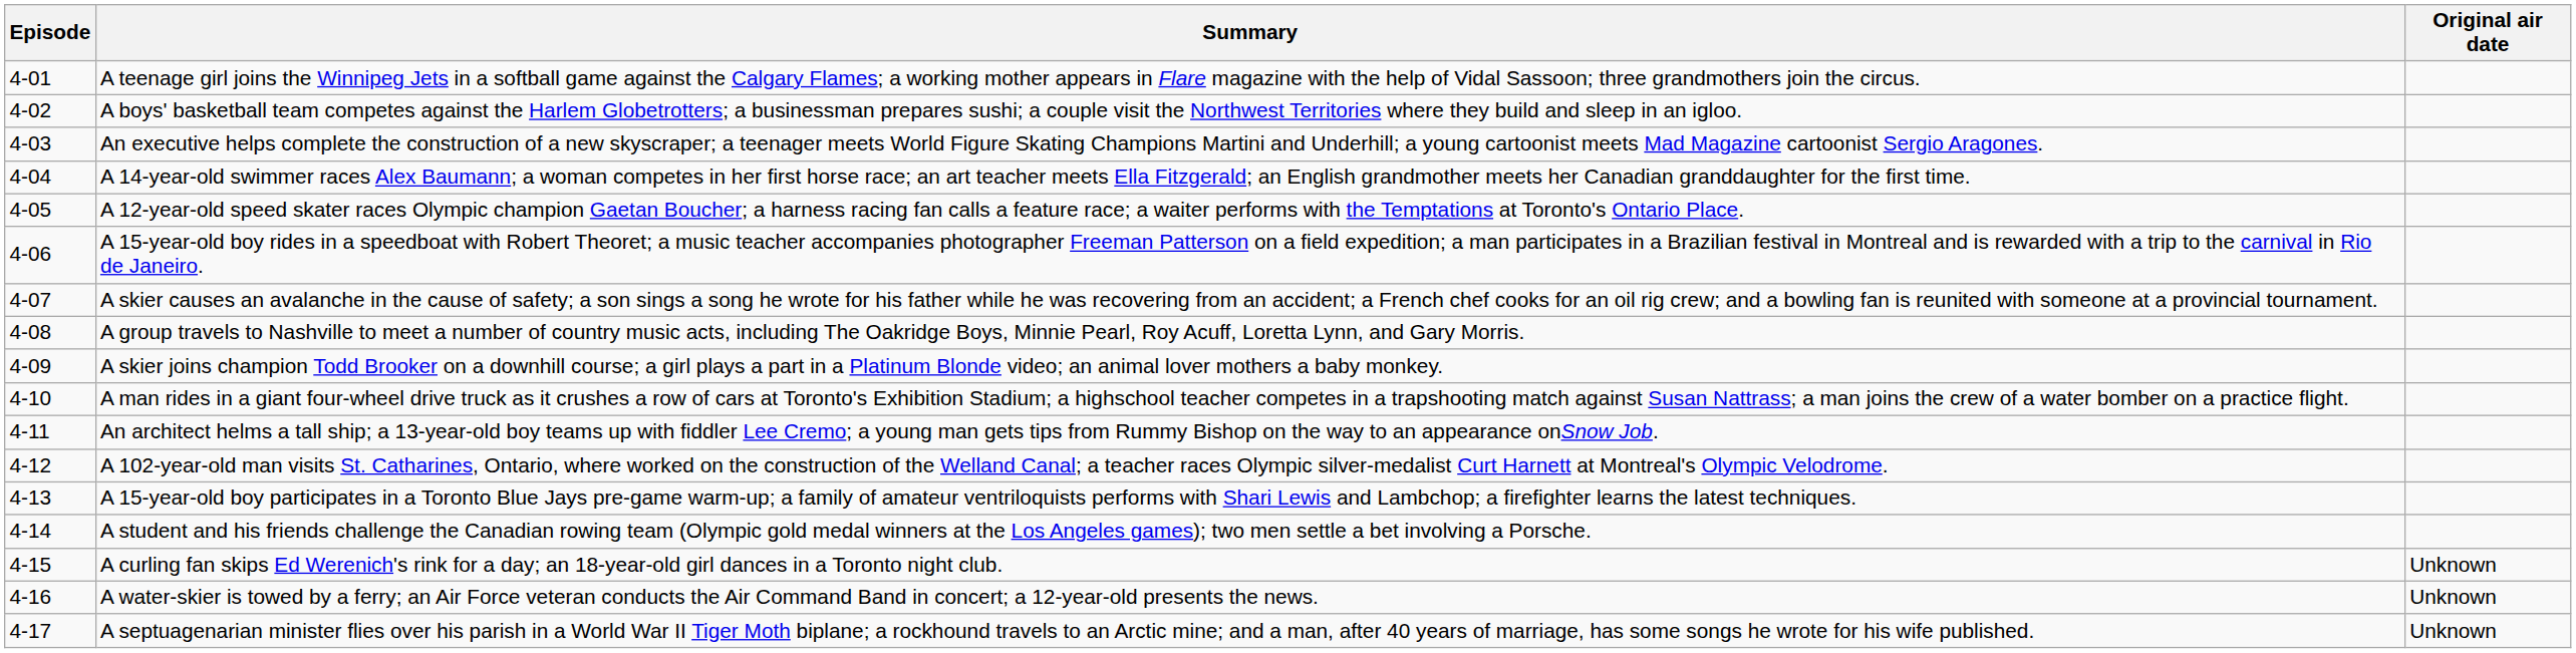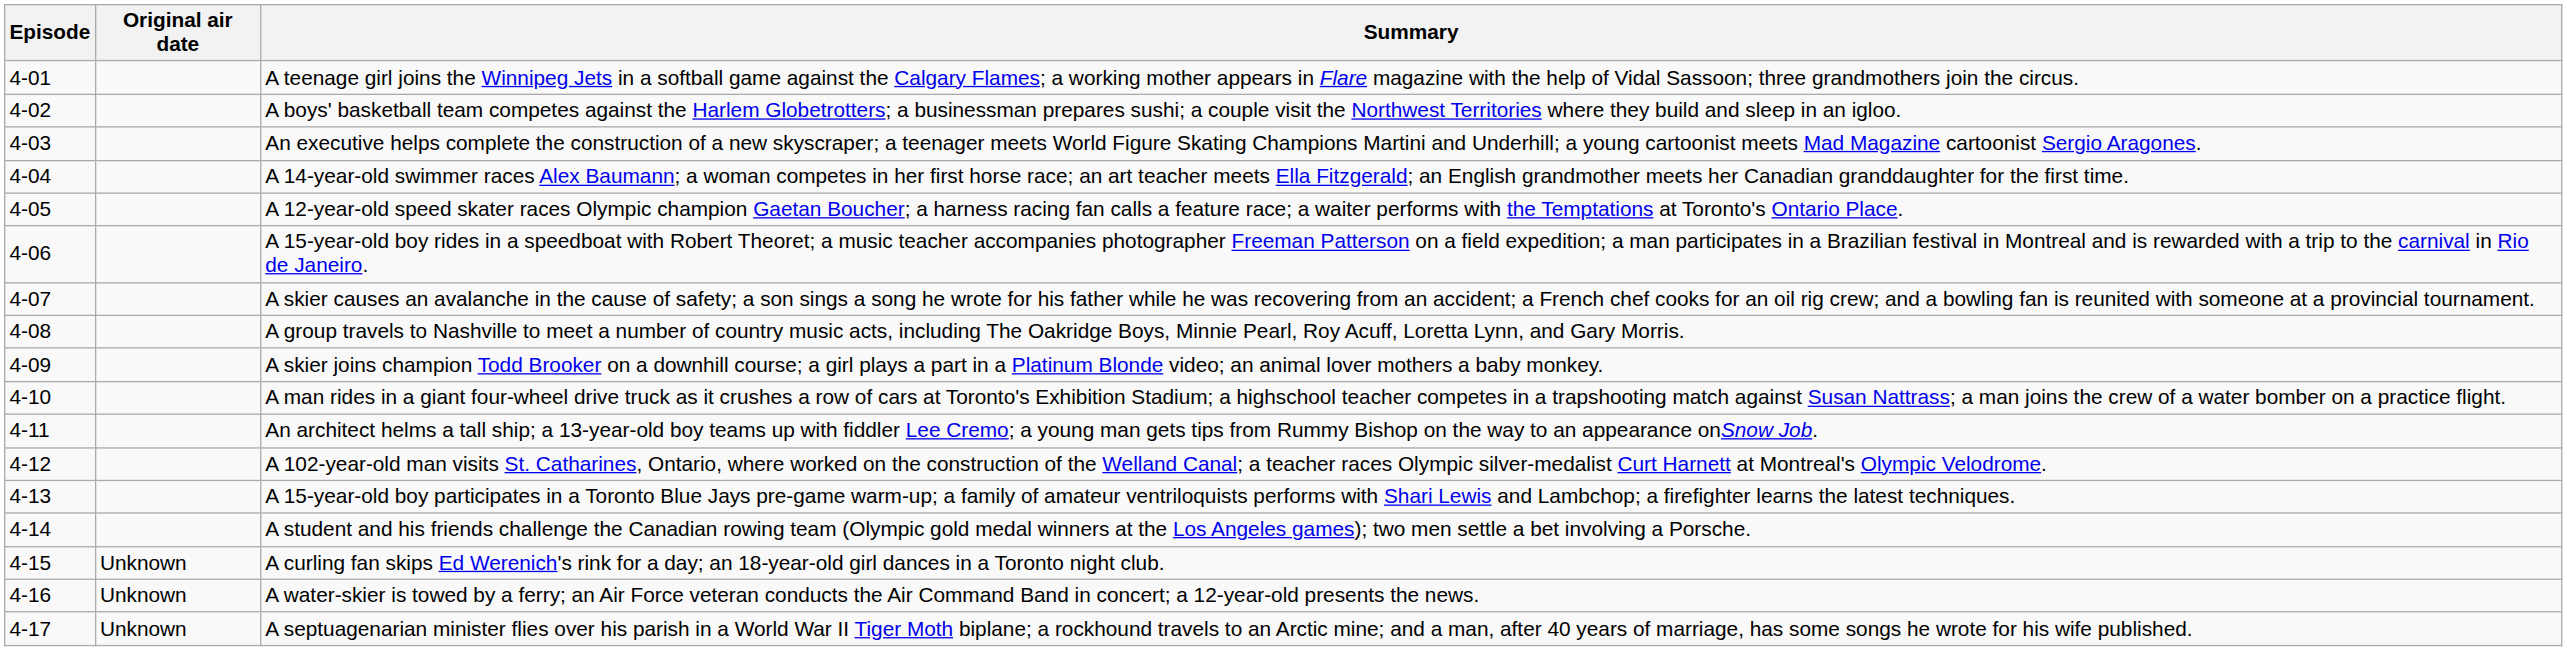 <table " class="wikitable" sortable">
 <tr>
 <th scope="col">Episode</th>
+<th scope="col">Original air date</th>
 <th scope="col">Summary</th>
-<th scope="col">Original air date</th>
 </tr>
 <tr>
 <td>4-01</td>
+<td style=white-space:nowrap></td>
 <td>A teenage girl joins the <a href='#'>Winnipeg Jets</a> in a softball game against the <a href='#'>Calgary Flames</a>; a working mother appears in <em><a href='#'>Flare</a></em> magazine with the help of Vidal Sassoon; three grandmothers join the circus.</td>
-<td style=white-space:nowrap></td>
 </tr>
 <tr>
 <td>4-02</td>
+<td style=white-space:nowrap></td>
 <td>A boys' basketball team competes against the <a href='#'>Harlem Globetrotters</a>; a businessman prepares sushi; a couple visit the <a href='#'>Northwest Territories</a> where they build and sleep in an igloo.</td>
-<td style=white-space:nowrap></td>
 </tr>
 <tr>
 <td>4-03</td>
+<td style=white-space:nowrap></td>
 <td>An executive helps complete the construction of a new skyscraper; a teenager meets World Figure Skating Champions Martini and Underhill; a young cartoonist meets <a href='#'>Mad Magazine</a> cartoonist <a href='#'>Sergio Aragones</a>.</td>
-<td style=white-space:nowrap></td>
 </tr>
 <tr>
 <td>4-04</td>
+<td style=white-space:nowrap></td>
 <td>A 14-year-old swimmer races <a href='#'>Alex Baumann</a>; a woman competes in her first horse race; an art teacher meets <a href='#'>Ella Fitzgerald</a>; an English grandmother meets her Canadian granddaughter for the first time.</td>
-<td style=white-space:nowrap></td>
 </tr>
 <tr>
 <td>4-05</td>
+<td style=white-space:nowrap></td>
 <td>A 12-year-old speed skater races Olympic champion <a href='#'>Gaetan Boucher</a>; a harness racing fan calls a feature race; a waiter performs with <a href='#'>the Temptations</a> at Toronto's <a href='#'>Ontario Place</a>.</td>
-<td style=white-space:nowrap></td>
 </tr>
 <tr>
 <td>4-06</td>
+<td style=white-space:nowrap></td>
 <td>A 15-year-old boy rides in a speedboat with Robert Theoret; a music teacher accompanies photographer <a href='#'>Freeman Patterson</a> on a field expedition; a man participates in a Brazilian festival in Montreal and is rewarded with a trip to the <a href='#'>carnival</a> in <a href='#'>Rio de Janeiro</a>.</td>
-<td style=white-space:nowrap></td>
 </tr>
 <tr>
 <td>4-07</td>
+<td style=white-space:nowrap></td>
 <td>A skier causes an avalanche in the cause of safety; a son sings a song he wrote for his father while he was recovering from an accident; a French chef cooks for an oil rig crew; and a bowling fan is reunited with someone at a provincial tournament.</td>
-<td style=white-space:nowrap></td>
 </tr>
 <tr>
 <td>4-08</td>
+<td style=white-space:nowrap></td>
 <td>A group travels to Nashville to meet a number of country music acts, including The Oakridge Boys, Minnie Pearl, Roy Acuff, Loretta Lynn, and Gary Morris.</td>
-<td style=white-space:nowrap></td>
 </tr>
 <tr>
 <td>4-09</td>
+<td style=white-space:nowrap></td>
 <td>A skier joins champion <a href='#'>Todd Brooker</a> on a downhill course; a girl plays a part in a <a href='#'>Platinum Blonde</a> video; an animal lover mothers a baby monkey.</td>
-<td style=white-space:nowrap></td>
 </tr>
 <tr>
 <td>4-10</td>
+<td style=white-space:nowrap></td>
 <td>A man rides in a giant four-wheel drive truck as it crushes a row of cars at Toronto's Exhibition Stadium; a highschool teacher competes in a trapshooting match against <a href='#'>Susan Nattrass</a>; a man joins the crew of a water bomber on a practice flight.</td>
-<td style=white-space:nowrap></td>
 </tr>
 <tr>
 <td>4-11</td>
+<td style=white-space:nowrap></td>
 <td>An architect helms a tall ship; a 13-year-old boy teams up with fiddler <a href='#'>Lee Cremo</a>; a young man gets tips from Rummy Bishop on the way to an appearance on<em><a href='#'>Snow Job</a></em>.</td>
-<td style=white-space:nowrap></td>
 </tr>
 <tr>
 <td>4-12</td>
+<td style=white-space:nowrap></td>
 <td>A 102-year-old man visits <a href='#'>St. Catharines</a>, Ontario, where worked on the construction of the <a href='#'>Welland Canal</a>; a teacher races Olympic silver-medalist <a href='#'>Curt Harnett</a> at Montreal's <a href='#'>Olympic Velodrome</a>.</td>
-<td style=white-space:nowrap></td>
 </tr>
 <tr>
 <td>4-13</td>
+<td style=white-space:nowrap></td>
 <td>A 15-year-old boy participates in a Toronto Blue Jays pre-game warm-up; a family of amateur ventriloquists performs with <a href='#'>Shari Lewis</a> and Lambchop; a firefighter learns the latest techniques.</td>
-<td style=white-space:nowrap></td>
 </tr>
 <tr>
 <td>4-14</td>
+<td style=white-space:nowrap></td>
 <td>A student and his friends challenge the Canadian rowing team (Olympic gold medal winners at the <a href='#'>Los Angeles games</a>); two men settle a bet involving a Porsche.</td>
-<td style=white-space:nowrap></td>
 </tr>
 <tr>
 <td>4-15</td>
+<td>Unknown</td>
 <td>A curling fan skips <a href='#'>Ed Werenich</a>'s rink for a day; an 18-year-old girl dances in a Toronto night club.</td>
-<td>Unknown</td>
 </tr>
 <tr>
 <td>4-16</td>
+<td>Unknown</td>
 <td>A water-skier is towed by a ferry; an Air Force veteran conducts the Air Command Band in concert; a 12-year-old presents the news.</td>
-<td>Unknown</td>
 </tr>
 <tr>
 <td>4-17</td>
+<td>Unknown</td>
 <td>A septuagenarian minister flies over his parish in a World War II <a href='#'>Tiger Moth</a> biplane; a rockhound travels to an Arctic mine; and a man, after 40 years of marriage, has some songs he wrote for his wife published.</td>
-<td>Unknown</td>
 </tr>
 </table>
